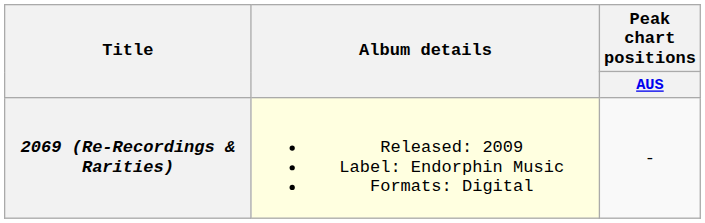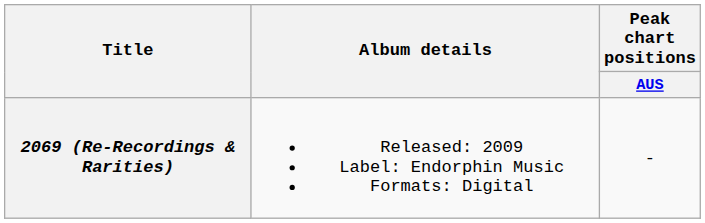 <table class="wikitable plainrowheaders" style="text-align:center;">
 <tr>
 <th scope="col" rowspan="2" style="width:14em;">Title</th>
 <th scope="col" rowspan="2" style="width:20em;">Album details</th>
 <th scope="col" colspan="1">Peak chart positions</th>
 </tr>
 <tr>
 <th scope="col" style="width:3em;font-size:90%;"><a href='#'>AUS</a><br></th>
 </tr>
 <tr>
 <th scope="row"><em>2069 (Re-Recordings & Rarities)</em></th>
-<td style="background: lightyellow;"><br><ul><li>Released: 2009</li><li>Label: Endorphin Music</li><li>Formats: Digital</li></ul></td>
+<td><br><ul><li>Released: 2009</li><li>Label: Endorphin Music</li><li>Formats: Digital</li></ul></td>
 <td>-</td>
 </tr>
 </table>
